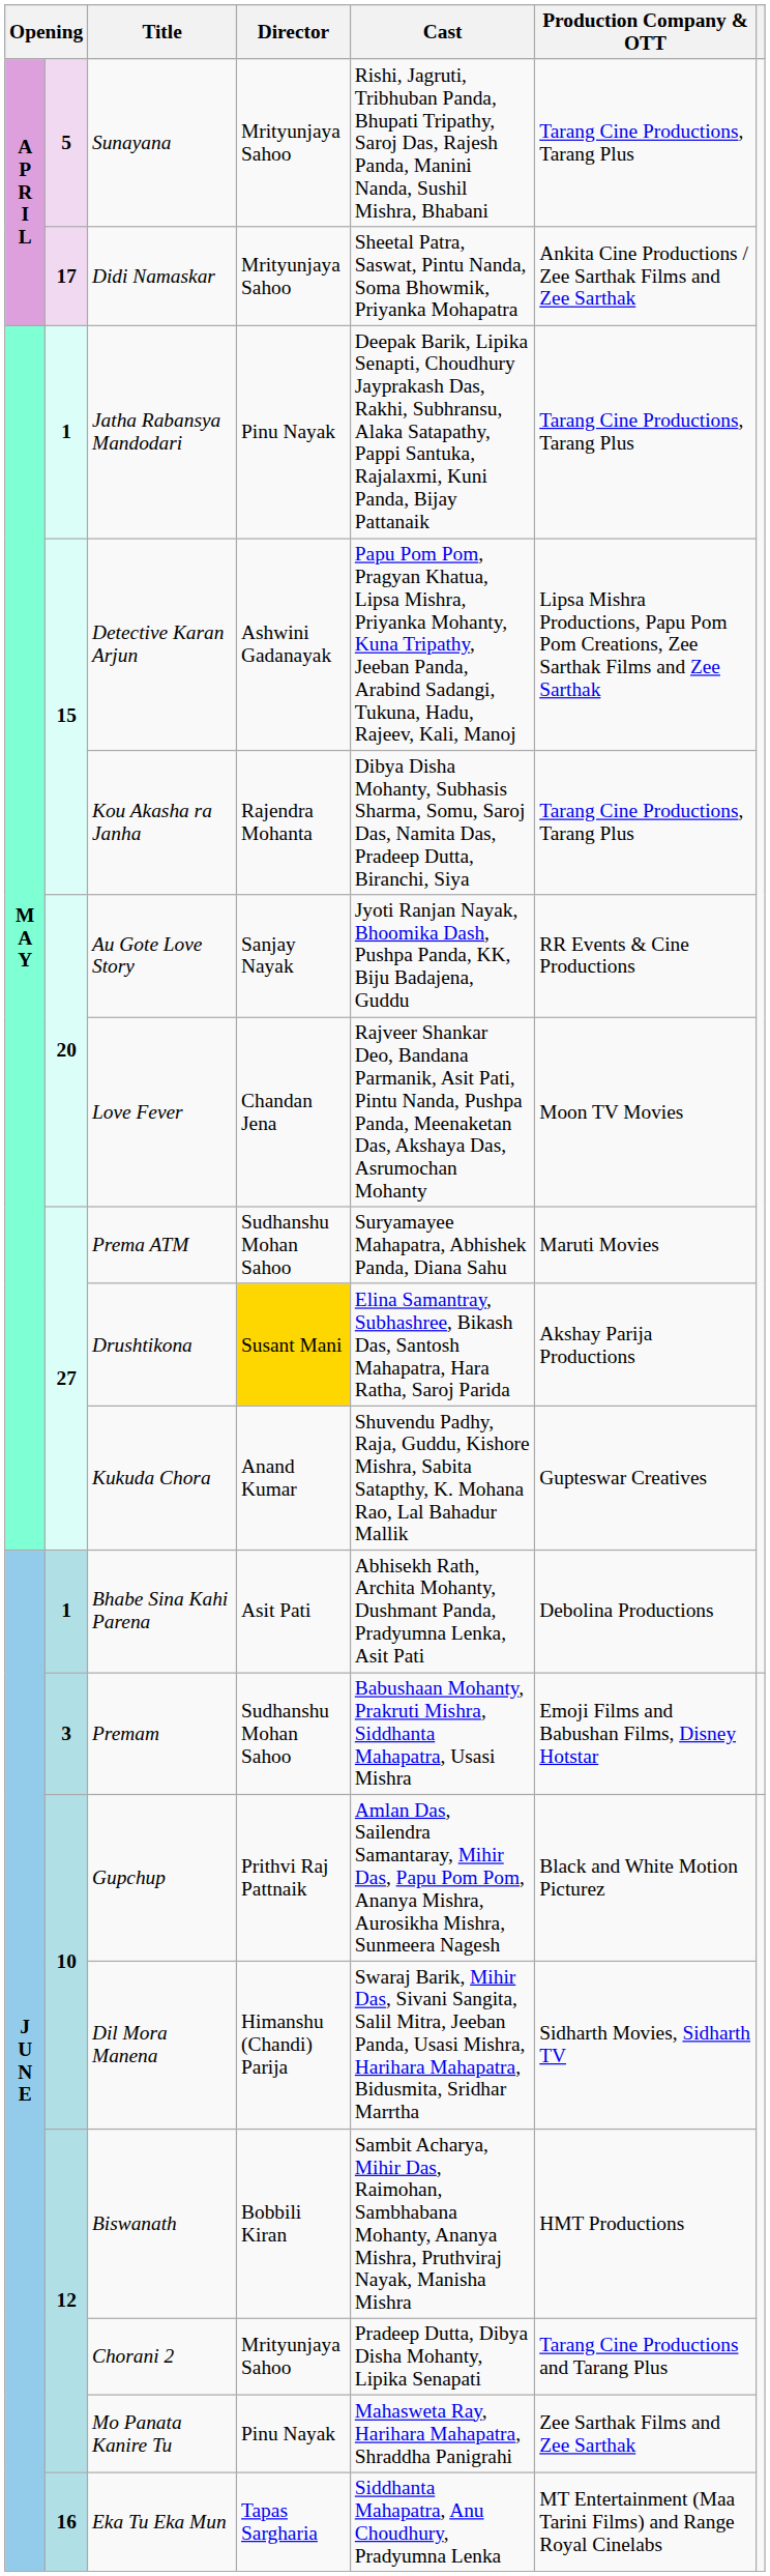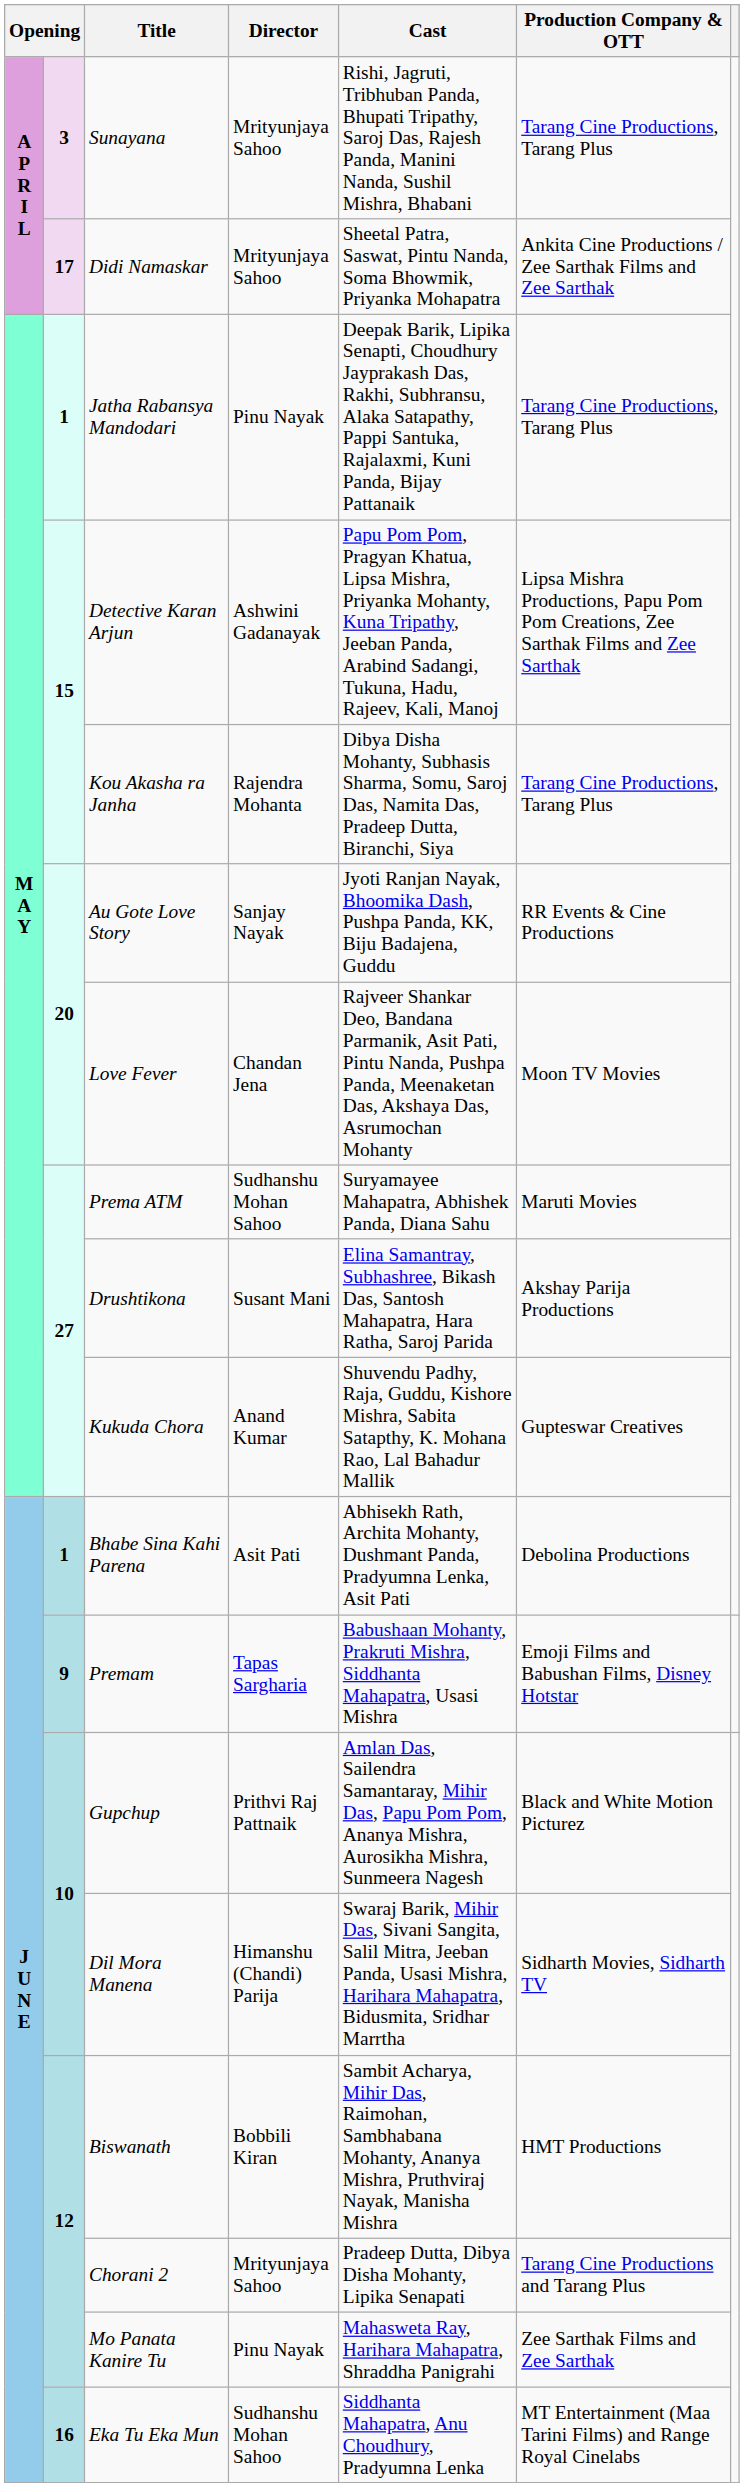 <table class="wikitable sortable">
 <tr style="background:#b0e0e6; text-align:center;">
 <th colspan="2" style="width:6%;"><strong>Opening</strong></th>
 <th style="width:20%;"><strong>Title</strong></th>
 <th style="width:15%;"><strong>Director</strong></th>
 <th style="width:25%;"><strong>Cast</strong></th>
 <th style="width:30%;"><strong>Production Company & OTT</strong></th>
 <th scope="col" class="unsortable"></th>
 </tr>
 <tr>
 <th rowspan="2" style="text-align:center; background:plum; text color:#000;">A<br>P<br>R<br>I<br>L</th>
-<td rowspan="1" style="text-align:center; background:#f1daf1"><strong>5</strong></td>
+<td rowspan="1" style="text-align:center; background:#f1daf1"><strong>3</strong></td>
 <td><em>Sunayana</em></td>
 <td>Mrityunjaya Sahoo</td>
 <td>Rishi, Jagruti, Tribhuban Panda, Bhupati Tripathy, Saroj Das, Rajesh Panda, Manini Nanda, Sushil Mishra, Bhabani</td>
 <td><a href='#'>Tarang Cine Productions</a>, Tarang Plus</td>
 </tr>
 <tr>
 <td rowspan="1" style="text-align:center; background:#f1daf1"><strong>17</strong></td>
 <td><em>Didi Namaskar</em></td>
 <td>Mrityunjaya Sahoo</td>
 <td>Sheetal Patra, Saswat, Pintu Nanda, Soma Bhowmik, Priyanka Mohapatra</td>
 <td>Ankita Cine Productions / Zee Sarthak Films and <a href='#'>Zee Sarthak</a></td>
 </tr>
 <tr>
 <th rowspan="8" style="text-align:center; background:#7FFFD4; text color:#000;">M<br>A<br>Y</th>
 <td rowspan="1" style="text-align:center; background:#dbfff8"><strong>1</strong></td>
 <td><em>Jatha Rabansya Mandodari</em></td>
 <td>Pinu Nayak</td>
 <td>Deepak Barik, Lipika Senapti, Choudhury Jayprakash Das, Rakhi, Subhransu, Alaka Satapathy, Pappi Santuka, Rajalaxmi, Kuni Panda, Bijay Pattanaik</td>
 <td><a href='#'>Tarang Cine Productions</a>, Tarang Plus</td>
 </tr>
 <tr>
 <td rowspan="2" style="text-align:center; background:#dbfff8"><strong>15</strong></td>
 <td><em>Detective Karan Arjun</em></td>
 <td>Ashwini Gadanayak</td>
 <td><a href='#'>Papu Pom Pom</a>, Pragyan Khatua, Lipsa Mishra, Priyanka Mohanty, <a href='#'>Kuna Tripathy</a>, Jeeban Panda, Arabind Sadangi, Tukuna, Hadu, Rajeev, Kali, Manoj</td>
 <td>Lipsa Mishra Productions, Papu Pom Pom Creations, Zee Sarthak Films and <a href='#'>Zee Sarthak</a></td>
 </tr>
 <tr>
 <td><em>Kou Akasha ra Janha</em></td>
 <td>Rajendra Mohanta</td>
 <td>Dibya Disha Mohanty, Subhasis Sharma, Somu, Saroj Das, Namita Das, Pradeep Dutta, Biranchi, Siya</td>
 <td><a href='#'>Tarang Cine Productions</a>, Tarang Plus</td>
 </tr>
 <tr>
 <td rowspan="2" style="text-align:center; background:#dbfff8"><strong>20</strong></td>
 <td><em>Au Gote Love Story</em></td>
 <td>Sanjay Nayak</td>
 <td>Jyoti Ranjan Nayak, <a href='#'>Bhoomika Dash</a>, Pushpa Panda, KK, Biju Badajena, Guddu</td>
 <td>RR Events & Cine Productions</td>
 </tr>
 <tr>
 <td><em>Love Fever</em></td>
 <td>Chandan Jena</td>
 <td>Rajveer Shankar Deo, Bandana Parmanik, Asit Pati, Pintu Nanda, Pushpa Panda, Meenaketan Das, Akshaya Das, Asrumochan Mohanty</td>
 <td>Moon TV Movies</td>
 </tr>
 <tr>
 <td rowspan="3" style="text-align:center; background:#dbfff8"><strong>27</strong></td>
 <td><em>Prema ATM</em></td>
 <td>Sudhanshu Mohan Sahoo</td>
 <td>Suryamayee Mahapatra, Abhishek Panda, Diana Sahu</td>
 <td>Maruti Movies</td>
 </tr>
 <tr>
 <td><em>Drushtikona</em></td>
-<td style="background: gold;">Susant Mani</td>
+<td>Susant Mani</td>
 <td><a href='#'>Elina Samantray</a>, <a href='#'>Subhashree</a>, Bikash Das, Santosh Mahapatra, Hara Ratha, Saroj Parida</td>
 <td>Akshay Parija Productions</td>
 </tr>
 <tr>
 <td><em>Kukuda Chora</em></td>
 <td>Anand Kumar</td>
 <td>Shuvendu Padhy, Raja, Guddu, Kishore Mishra, Sabita Satapthy, K. Mohana Rao, Lal Bahadur Mallik</td>
 <td>Gupteswar Creatives</td>
 </tr>
 <tr>
 <th rowspan="8" style="text-align:center; background:#93CCEA; text color:#000;">J<br>U<br>N<br>E</th>
 <td rowspan="1" style="text-align:center; background:#B0E0E6"><strong>1</strong></td>
 <td><em>Bhabe Sina Kahi Parena</em></td>
 <td>Asit Pati</td>
 <td>Abhisekh Rath, Archita Mohanty, Dushmant Panda, Pradyumna Lenka, Asit Pati</td>
 <td>Debolina Productions</td>
 </tr>
 <tr>
-<td rowspan="1" style="text-align:center; background:#B0E0E6"><strong>3</strong></td>
+<td rowspan="1" style="text-align:center; background:#B0E0E6"><strong>9</strong></td>
 <td><em>Premam</em></td>
-<td>Sudhanshu Mohan Sahoo</td>
+<td><a href='#'>Tapas Sargharia</a></td>
 <td><a href='#'>Babushaan Mohanty</a>, <a href='#'>Prakruti Mishra</a>, <a href='#'>Siddhanta Mahapatra</a>, Usasi Mishra</td>
 <td>Emoji Films and Babushan Films, <a href='#'>Disney Hotstar</a></td>
 <td></td>
 </tr>
 <tr>
 <td rowspan="2" style="text-align:center; background:#B0E0E6"><strong>10</strong></td>
 <td><em>Gupchup</em></td>
 <td>Prithvi Raj Pattnaik</td>
 <td><a href='#'>Amlan Das</a>, Sailendra Samantaray, <a href='#'>Mihir Das</a>, <a href='#'>Papu Pom Pom</a>, Ananya Mishra, Aurosikha Mishra, Sunmeera Nagesh</td>
 <td>Black and White Motion Picturez</td>
 </tr>
 <tr>
 <td><em>Dil Mora Manena</em></td>
 <td>Himanshu (Chandi) Parija</td>
 <td>Swaraj Barik, <a href='#'>Mihir Das</a>, Sivani Sangita, Salil Mitra, Jeeban Panda, Usasi Mishra, <a href='#'>Harihara Mahapatra</a>, Bidusmita, Sridhar Marrtha</td>
 <td>Sidharth Movies, <a href='#'>Sidharth TV</a></td>
 </tr>
 <tr>
 <td rowspan="3" style="text-align:center; background:#B0E0E6"><strong>12</strong></td>
 <td><em>Biswanath</em></td>
 <td>Bobbili Kiran</td>
 <td>Sambit Acharya, <a href='#'>Mihir Das</a>, Raimohan, Sambhabana Mohanty, Ananya Mishra, Pruthviraj Nayak, Manisha Mishra</td>
 <td>HMT Productions</td>
 </tr>
 <tr>
 <td><em>Chorani 2</em></td>
 <td>Mrityunjaya Sahoo</td>
 <td>Pradeep Dutta, Dibya Disha Mohanty, Lipika Senapati</td>
 <td><a href='#'>Tarang Cine Productions</a> and Tarang Plus</td>
 </tr>
 <tr>
 <td><em>Mo Panata Kanire Tu</em></td>
 <td>Pinu Nayak</td>
 <td><a href='#'>Mahasweta Ray</a>, <a href='#'>Harihara Mahapatra</a>, Shraddha Panigrahi</td>
 <td>Zee Sarthak Films and <a href='#'>Zee Sarthak</a></td>
 </tr>
 <tr>
 <td rowspan="1" style="text-align:center; background:#B0E0E6"><strong>16</strong></td>
 <td><em>Eka Tu Eka Mun</em></td>
-<td><a href='#'>Tapas Sargharia</a></td>
+<td>Sudhanshu Mohan Sahoo</td>
 <td><a href='#'>Siddhanta Mahapatra</a>, <a href='#'>Anu Choudhury</a>, Pradyumna Lenka</td>
 <td>MT Entertainment (Maa Tarini Films) and Range Royal Cinelabs</td>
 </tr>
 <tr>
 </tr>
 </table>
